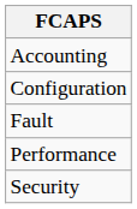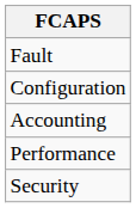 <table class="wikitable">
 <tr>
 <th>FCAPS</th>
 </tr>
 <tr>
-<td>Accounting</td>
+<td>Fault</td>
 </tr>
 <tr>
 <td>Configuration</td>
 </tr>
 <tr>
-<td>Fault</td>
+<td>Accounting</td>
 </tr>
 <tr>
 <td>Performance</td>
 </tr>
 <tr>
 <td>Security</td>
 </tr>
 </table>
